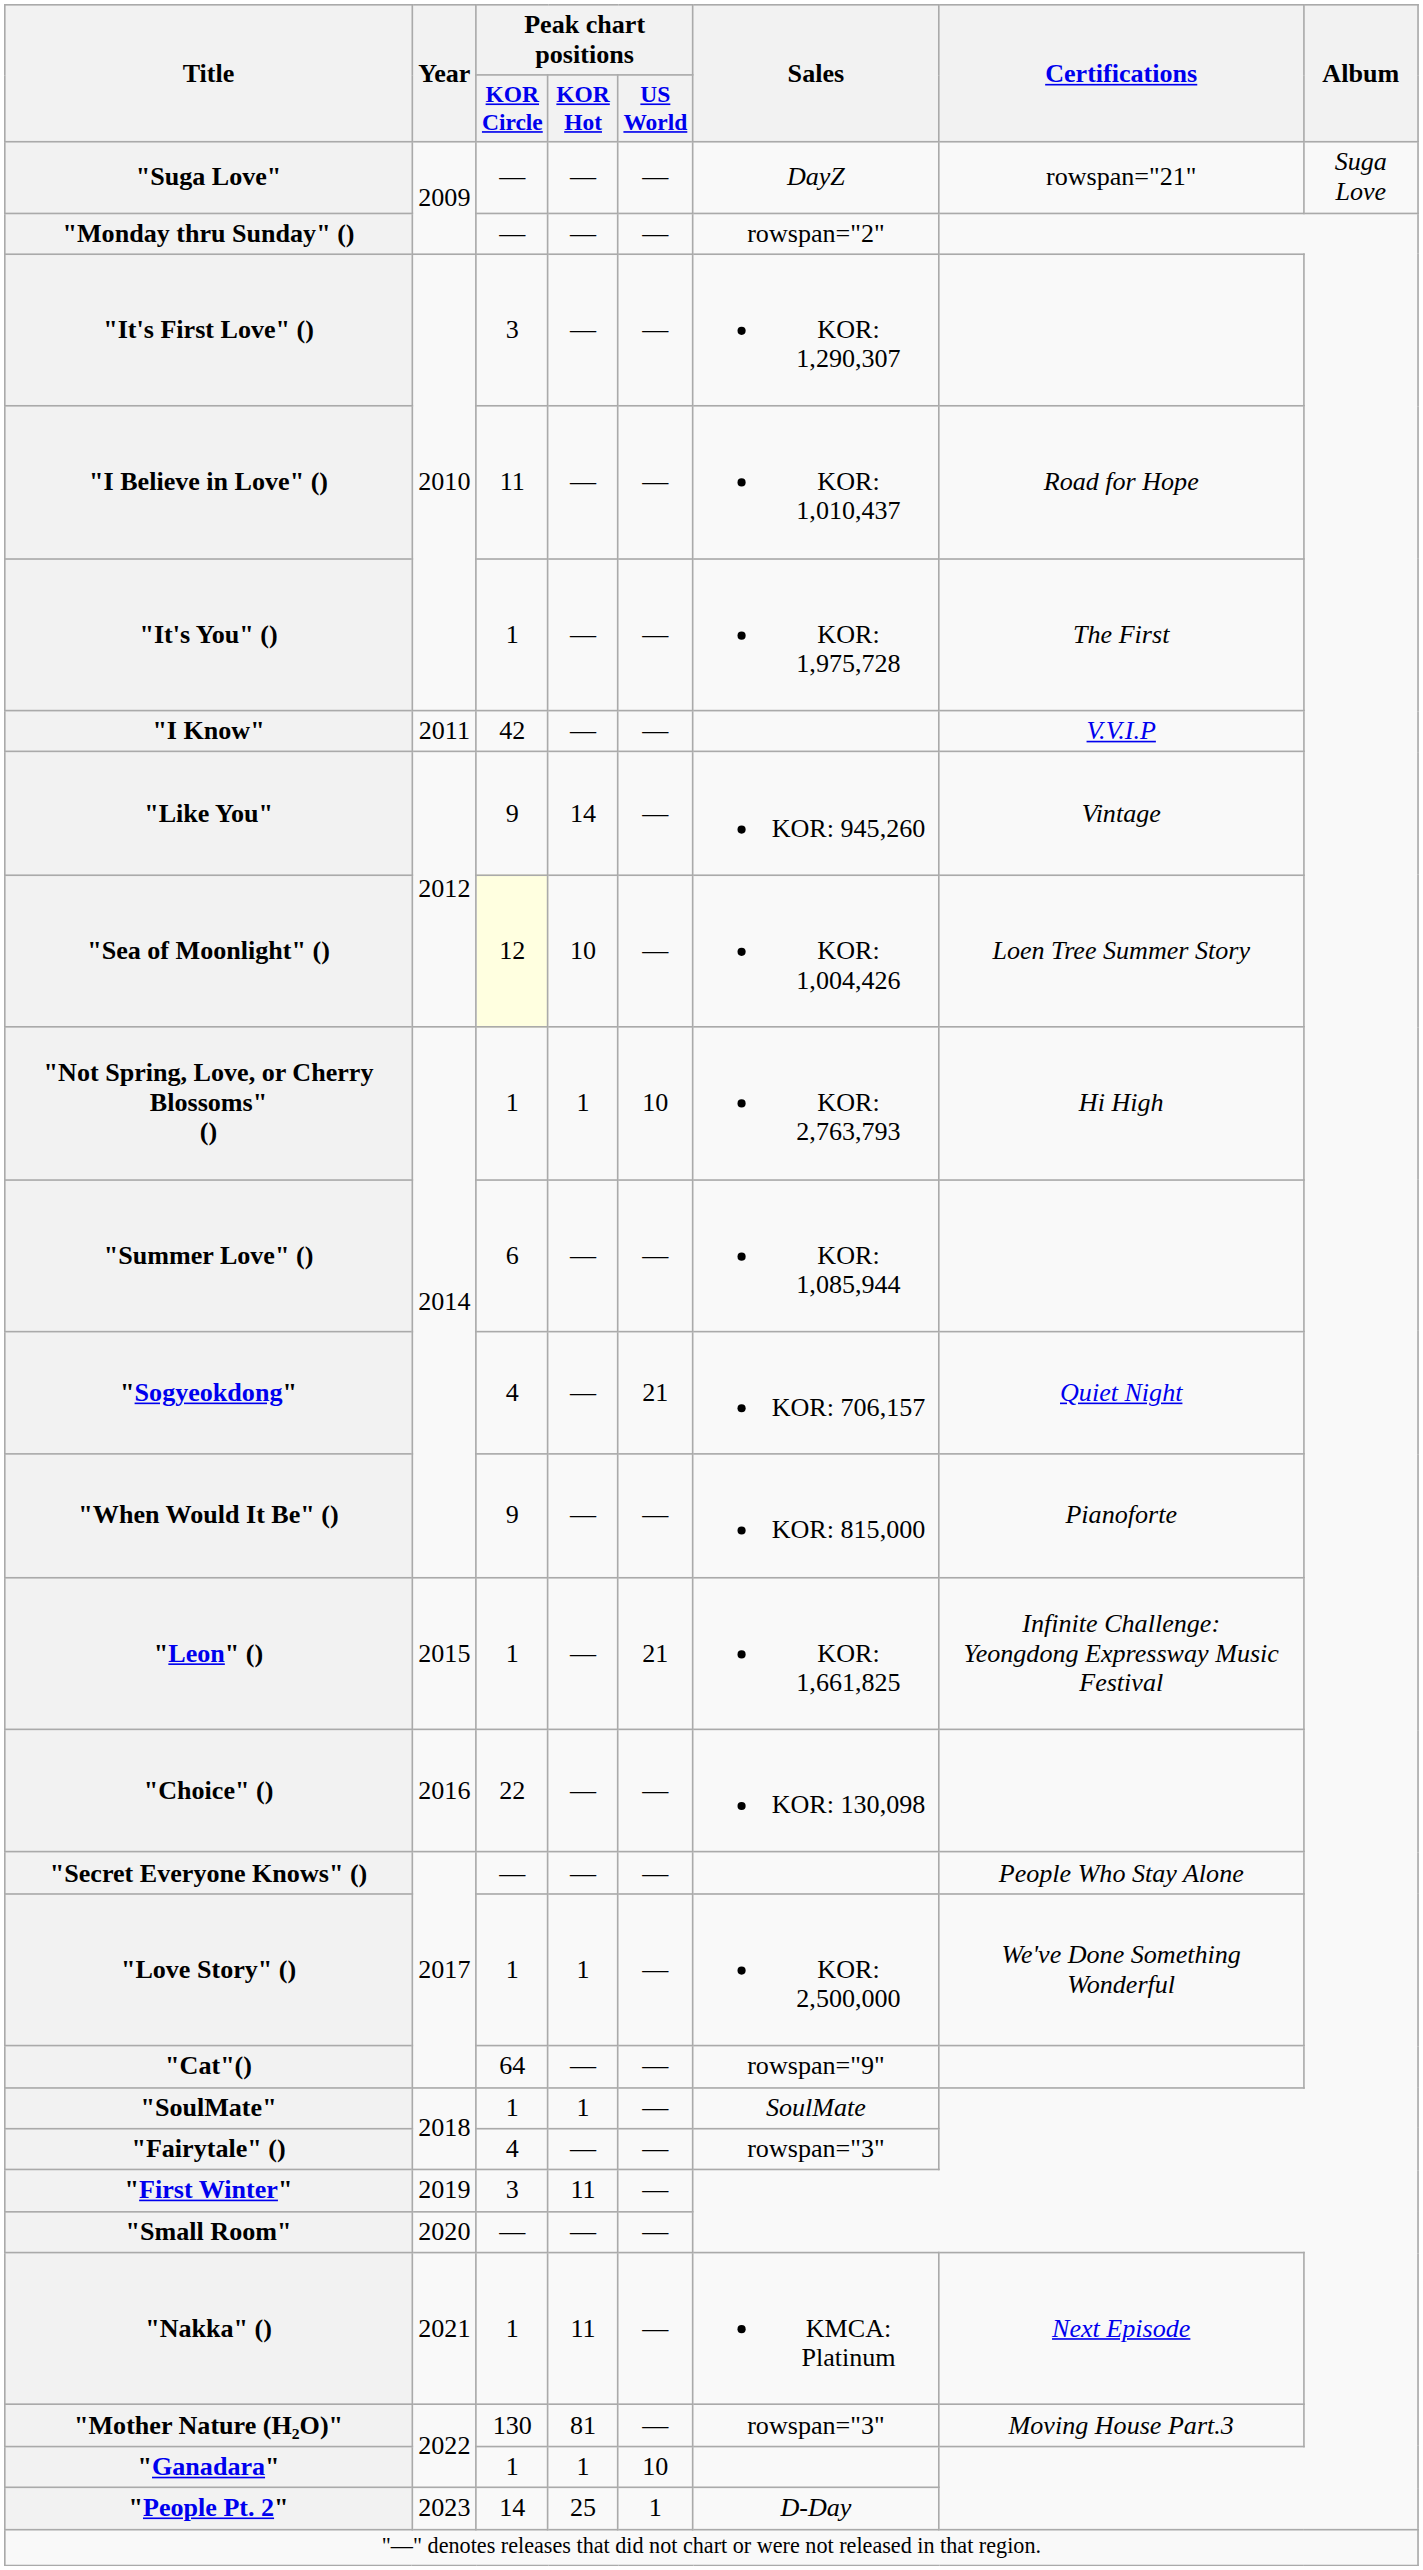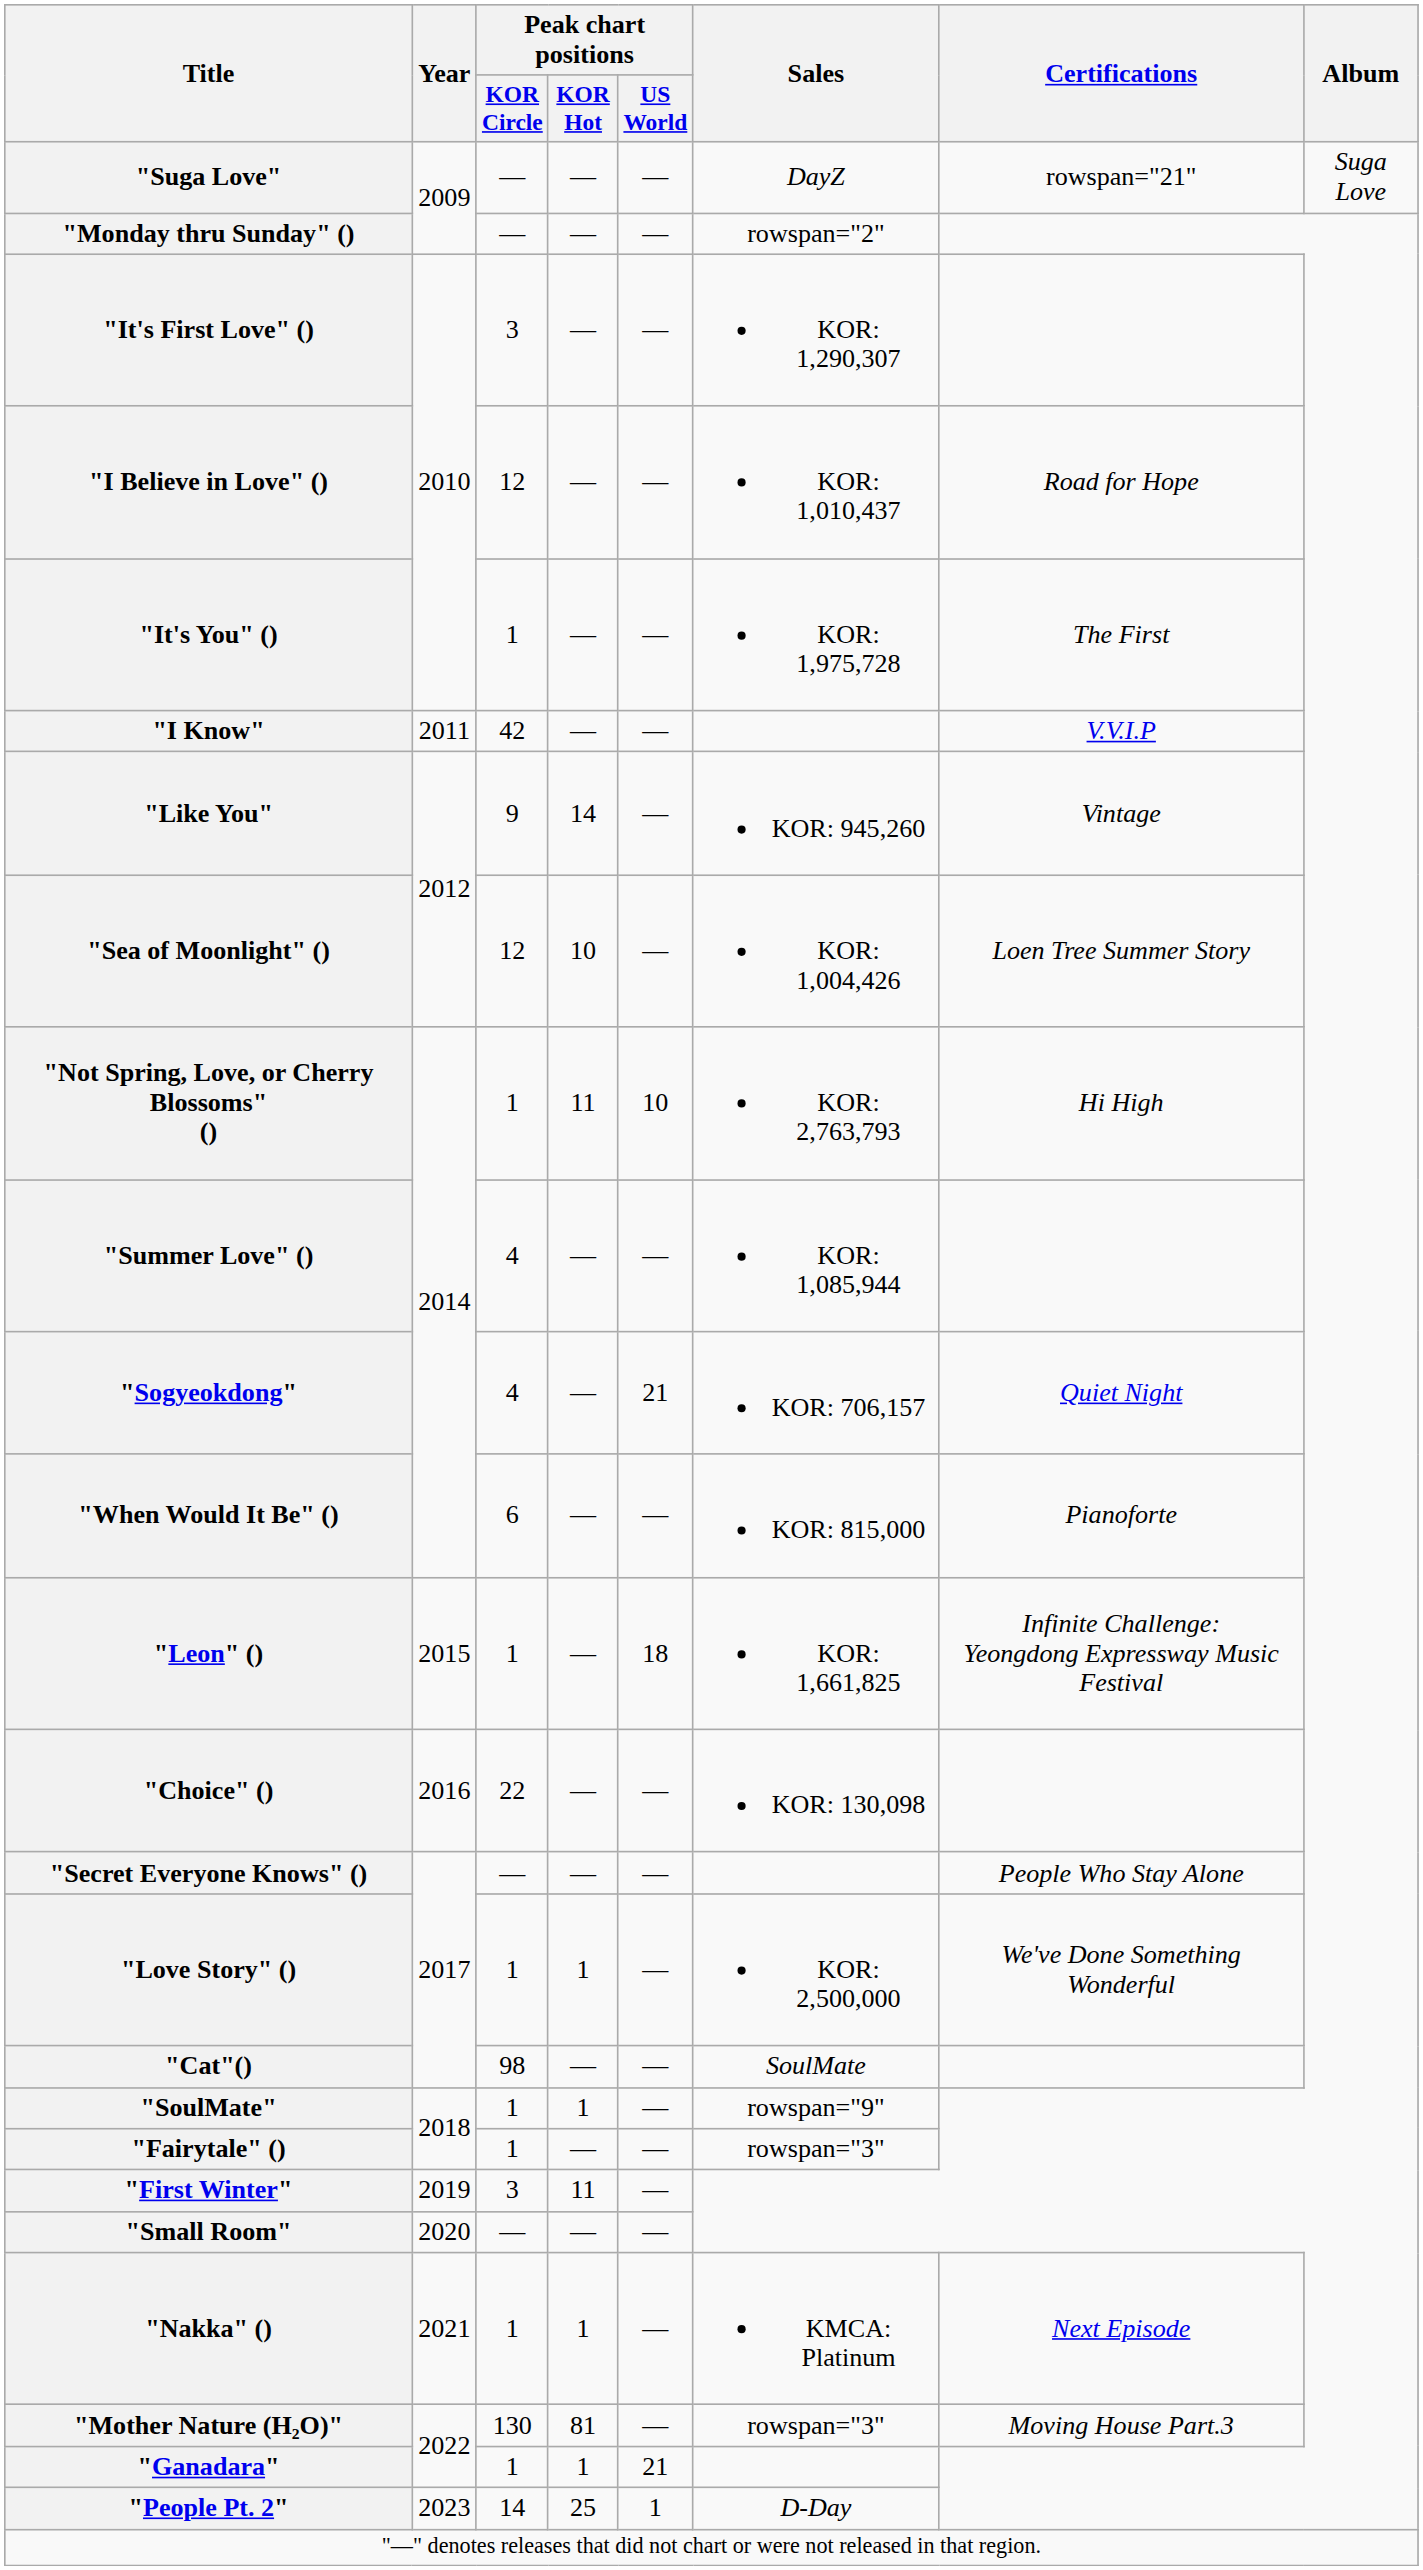 <table class="wikitable plainrowheaders" style="text-align:center;">
 <tr>
 <th scope="col" rowspan="2">Title</th>
 <th scope="col" rowspan="2">Year</th>
 <th scope="col" colspan="3">Peak chart positions</th>
 <th scope="col" rowspan="2">Sales<br></th>
 <th scope="col" rowspan="2"><a href='#'>Certifications</a><br></th>
 <th scope="col" rowspan="2">Album</th>
 </tr>
 <tr>
 <th scope="col" style="width:2.5em;font-size:90%;"><a href='#'>KOR<br>Circle</a><br></th>
 <th scope="col" style="width:2.5em;font-size:90%;"><a href='#'>KOR<br>Hot</a><br></th>
 <th scope="col" style="width:2.5em;font-size:90%;"><a href='#'>US<br>World</a><br></th>
 </tr>
 <tr>
 <th scope="row">"Suga Love"<br></th>
 <td rowspan="2">2009</td>
 <td>—</td>
 <td>—</td>
 <td>—</td>
 <td><em>DayZ</em></td>
 <td>rowspan="21" </td>
 <td><em>Suga Love</em></td>
 </tr>
 <tr>
 <th scope="row">"Monday thru Sunday" ()<br></th>
 <td>—</td>
 <td>—</td>
 <td>—</td>
 <td>rowspan="2" </td>
 </tr>
 <tr>
 <th scope="row">"It's First Love" ()<br></th>
 <td rowspan="3">2010</td>
 <td>3</td>
 <td>—</td>
 <td>—</td>
 <td><br><ul><li>KOR: 1,290,307</li></ul></td>
 <td></td>
 </tr>
 <tr>
 <th scope="row">"I Believe in Love" ()<br></th>
-<td>11</td>
+<td>12</td>
 <td>—</td>
 <td>—</td>
 <td><br><ul><li>KOR: 1,010,437</li></ul></td>
 <td><em>Road for Hope</em></td>
 </tr>
 <tr>
 <th scope="row">"It's You" ()<br></th>
 <td>1</td>
 <td>—</td>
 <td>—</td>
 <td><br><ul><li>KOR: 1,975,728</li></ul></td>
 <td><em>The First</em></td>
 </tr>
 <tr>
 <th scope="row">"I Know"<br></th>
 <td rowspan="1">2011</td>
 <td>42</td>
 <td>—</td>
 <td>—</td>
 <td></td>
 <td><em><a href='#'>V.V.I.P</a></em></td>
 </tr>
 <tr>
 <th scope="row">"Like You"<br></th>
 <td rowspan="2">2012</td>
 <td>9</td>
 <td>14</td>
 <td>—</td>
 <td><br><ul><li>KOR: 945,260</li></ul></td>
 <td align="center"><em>Vintage</em></td>
 </tr>
 <tr>
 <th scope="row">"Sea of Moonlight" ()<br></th>
-<td style="background: lightyellow;">12</td>
+<td>12</td>
 <td>10</td>
 <td>—</td>
 <td><br><ul><li>KOR: 1,004,426</li></ul></td>
 <td><em>Loen Tree Summer Story</em></td>
 </tr>
 <tr>
 <th scope="row">"Not Spring, Love, or Cherry Blossoms" <br> () </th>
 <td rowspan="4">2014</td>
 <td>1</td>
-<td>1</td>
+<td>11</td>
 <td>10</td>
 <td><br><ul><li>KOR: 2,763,793</li></ul></td>
 <td><em>Hi High</em></td>
 </tr>
 <tr>
 <th scope="row">"Summer Love" ()<br></th>
-<td>6</td>
+<td>4</td>
 <td>—</td>
 <td>—</td>
 <td><br><ul><li>KOR: 1,085,944</li></ul></td>
 <td></td>
 </tr>
 <tr>
 <th scope="row">"<a href='#'>Sogyeokdong</a>"<br></th>
 <td>4</td>
 <td>—</td>
 <td>21</td>
 <td><br><ul><li>KOR: 706,157</li></ul></td>
 <td><em><a href='#'>Quiet Night</a></em></td>
 </tr>
 <tr>
 <th scope="row">"When Would It Be" ()<br></th>
-<td>9</td>
+<td>6</td>
 <td>—</td>
 <td>—</td>
 <td><br><ul><li>KOR: 815,000</li></ul></td>
 <td><em>Pianoforte</em></td>
 </tr>
 <tr>
 <th scope="row">"<a href='#'>Leon</a>" ()<br></th>
 <td>2015</td>
 <td>1</td>
 <td>—</td>
-<td>21</td>
+<td>18</td>
 <td><br><ul><li>KOR: 1,661,825</li></ul></td>
 <td><em>Infinite Challenge:<br>Yeongdong Expressway Music Festival</em></td>
 </tr>
 <tr>
 <th scope="row">"Choice" ()<br></th>
 <td>2016</td>
 <td>22</td>
 <td>—</td>
 <td>—</td>
 <td><br><ul><li>KOR: 130,098</li></ul></td>
 <td></td>
 </tr>
 <tr>
 <th scope="row">"Secret Everyone Knows" ()<br></th>
 <td rowspan="3">2017</td>
 <td>—</td>
 <td>—</td>
 <td>—</td>
 <td></td>
 <td><em>People Who Stay Alone</em></td>
 </tr>
 <tr>
 <th scope="row">"Love Story" ()<br></th>
 <td>1</td>
 <td>1</td>
 <td>—</td>
 <td><br><ul><li>KOR: 2,500,000</li></ul></td>
 <td><em>We've Done Something Wonderful</em></td>
 </tr>
 <tr>
 <th scope="row">"Cat"()<br></th>
-<td>64</td>
+<td>98</td>
 <td>—</td>
 <td>—</td>
-<td>rowspan="9" </td>
+<td><em>SoulMate</em></td>
 <td></td>
 </tr>
 <tr>
 <th scope="row">"SoulMate"<br></th>
 <td rowspan="2">2018</td>
 <td>1</td>
 <td>1</td>
 <td>—</td>
-<td><em>SoulMate</em></td>
+<td>rowspan="9" </td>
 </tr>
 <tr>
 <th scope="row">"Fairytale" ()<br></th>
-<td>4</td>
+<td>1</td>
 <td>—</td>
 <td>—</td>
 <td>rowspan="3" </td>
 </tr>
 <tr>
 <th scope="row">"<a href='#'>First Winter</a>"<br></th>
 <td>2019</td>
 <td>3</td>
 <td>11</td>
 <td>—</td>
 </tr>
 <tr>
 <th scope="row">"Small Room" <br></th>
 <td>2020</td>
 <td>—</td>
 <td>—</td>
 <td>—</td>
 </tr>
 <tr>
 <th scope="row">"Nakka" ()<br></th>
 <td>2021</td>
 <td>1</td>
-<td>11</td>
+<td>1</td>
 <td>—</td>
 <td><br><ul><li>KMCA: Platinum  </li></ul></td>
 <td><em><a href='#'>Next Episode</a></em></td>
 </tr>
 <tr>
 <th scope="row">"Mother Nature (H₂O)"<br></th>
 <td rowspan="2">2022</td>
 <td>130</td>
 <td>81</td>
 <td>—</td>
 <td>rowspan="3" </td>
 <td><em>Moving House Part.3</em></td>
 </tr>
 <tr>
 <th scope="row">"<a href='#'>Ganadara</a>"<br></th>
 <td>1</td>
 <td>1</td>
-<td>10</td>
+<td>21</td>
 <td></td>
 </tr>
 <tr>
 <th scope="row">"<a href='#'>People Pt. 2</a>"<br></th>
 <td>2023</td>
 <td>14</td>
 <td>25</td>
 <td>1</td>
 <td><em>D-Day</em></td>
 </tr>
 <tr>
 <td colspan="8" style="font-size:85%;">"—" denotes releases that did not chart or were not released in that region.</td>
 </tr>
 </table>
